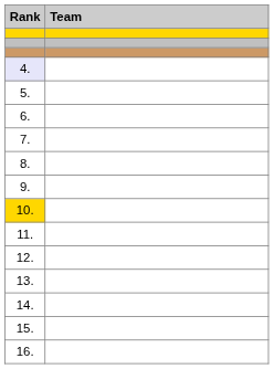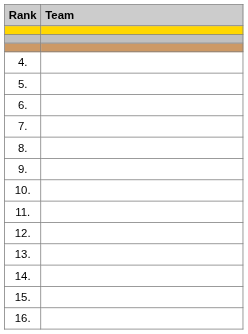 <table border="1" cellspacing="2" cellpadding="5" style="border-collapse: collapse; font-size: 90%;">
 <tr style="background:#ccc;">
 <th>Rank</th>
 <th style="text-align:left; width:17em;">Team</th>
 </tr>
 <tr style="background:gold;">
 <td style="text-align:center;"></td>
 <td></td>
 </tr>
 <tr style="background:silver;">
 <td style="text-align:center;"></td>
 <td></td>
 </tr>
 <tr style="background:#c96;">
 <td style="text-align:center;"></td>
 <td></td>
 </tr>
 <tr>
-<td style="background: lavender; text-align:center;">4.</td>
+<td style="text-align:center;">4.</td>
 <td></td>
 </tr>
 <tr>
 <td style="text-align:center;">5.</td>
 <td></td>
 </tr>
 <tr>
 <td style="text-align:center;">6.</td>
 <td></td>
 </tr>
 <tr>
 <td style="text-align:center;">7.</td>
 <td></td>
 </tr>
 <tr>
 <td style="text-align:center;">8.</td>
 <td></td>
 </tr>
 <tr>
 <td style="text-align:center;">9.</td>
 <td></td>
 </tr>
 <tr>
-<td style="background: gold; text-align:center;">10.</td>
+<td style="text-align:center;">10.</td>
 <td></td>
 </tr>
 <tr>
 <td style="text-align:center;">11.</td>
 <td></td>
 </tr>
 <tr>
 <td style="text-align:center;">12.</td>
 <td></td>
 </tr>
 <tr>
 <td style="text-align:center;">13.</td>
 <td></td>
 </tr>
 <tr>
 <td style="text-align:center;">14.</td>
 <td></td>
 </tr>
 <tr>
 <td style="text-align:center;">15.</td>
 <td></td>
 </tr>
 <tr>
 <td style="text-align:center;">16.</td>
 <td></td>
 </tr>
 </table>
